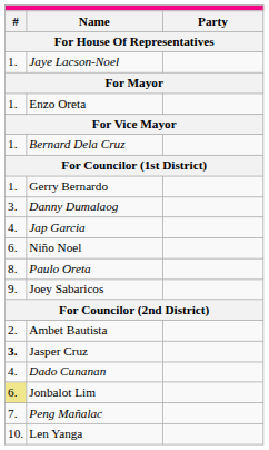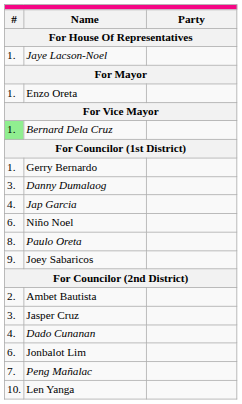 <table class=wikitable style="font-size:90%">
 <tr>
 <td colspan=5 bgcolor=#f50685></td>
 </tr>
 <tr>
 <th>#</th>
 <th width=150px>Name</th>
 <th colspan=2 width=110px>Party</th>
 </tr>
 <tr>
 <th colspan=5>For House Of Representatives</th>
 </tr>
 <tr>
 <td>1.</td>
 <td><em>Jaye Lacson-Noel</em></td>
 <td></td>
 </tr>
 <tr>
 <th colspan=5>For Mayor</th>
 </tr>
 <tr>
 <td>1.</td>
 <td>Enzo Oreta</td>
 <td></td>
 </tr>
 <tr>
 <th colspan=5>For Vice Mayor</th>
 </tr>
 <tr>
-<td>1.</td>
+<td style="background: lightgreen;">1.</td>
 <td><em>Bernard Dela Cruz</em></td>
 <td></td>
 </tr>
 <tr>
 <th colspan=5>For Councilor (1st District)</th>
 </tr>
 <tr>
 <td>1.</td>
 <td>Gerry Bernardo</td>
 <td></td>
 </tr>
 <tr>
 <td>3.</td>
 <td><em>Danny Dumalaog</em></td>
 <td></td>
 </tr>
 <tr>
 <td>4.</td>
 <td><em>Jap Garcia</em></td>
 <td></td>
 </tr>
 <tr>
 <td>6.</td>
 <td>Niño Noel</td>
 <td></td>
 </tr>
 <tr>
 <td>8.</td>
 <td><em>Paulo Oreta</em></td>
 <td></td>
 </tr>
 <tr>
 <td>9.</td>
 <td>Joey Sabaricos</td>
 <td></td>
 </tr>
 <tr>
 <th colspan=5>For Councilor (2nd District)</th>
 </tr>
 <tr>
 <td>2.</td>
 <td>Ambet Bautista</td>
 <td></td>
 </tr>
 <tr>
-<td><strong>3.</strong></td>
+<td>3.</td>
 <td>Jasper Cruz</td>
 <td></td>
 </tr>
 <tr>
 <td>4.</td>
 <td><em>Dado Cunanan</em></td>
 <td></td>
 </tr>
 <tr>
-<td style="background: khaki;">6.</td>
+<td>6.</td>
 <td>Jonbalot Lim</td>
 <td></td>
 </tr>
 <tr>
 <td>7.</td>
 <td><em>Peng Mañalac</em></td>
 <td></td>
 </tr>
 <tr>
 <td>10.</td>
 <td>Len Yanga</td>
 <td></td>
 </tr>
 </table>
